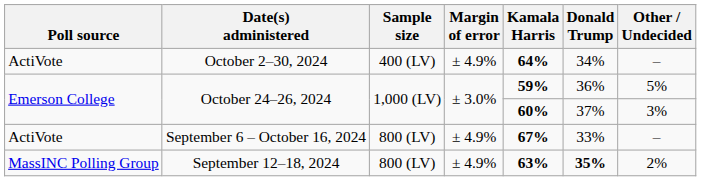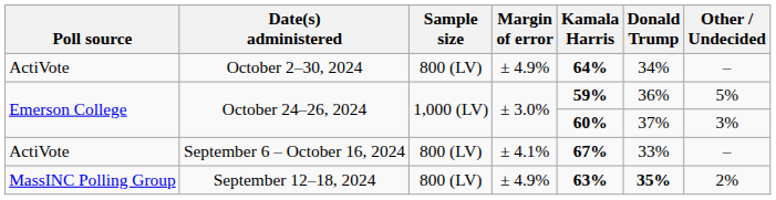 <table class="wikitable sortable mw-datatable" style="font-size:90%;text-align:center;line-height:17px">
 <tr valign=bottom>
 <th>Poll source</th>
 <th>Date(s)<br>administered</th>
 <th>Sample<br>size</th>
 <th>Margin<br>of error</th>
 <th class="unsortable">Kamala<br>Harris<br></th>
 <th class="unsortable">Donald<br>Trump<br></th>
 <th class="unsortable">Other /<br>Undecided</th>
 </tr>
 <tr>
 <td style="text-align:left;">ActiVote</td>
 <td data-sort-value="2024-10-16">October 2–30, 2024</td>
-<td>400 (LV)</td>
+<td>800 (LV)</td>
 <td>± 4.9%</td>
 <td style="color:black;background-color:"><strong>64%</strong></td>
 <td>34%</td>
 <td>–</td>
 </tr>
 <tr>
 <td style="text-align:left;" rowspan="2"><a href='#'>Emerson College</a></td>
 <td rowspan="2">October 24–26, 2024</td>
 <td rowspan="2">1,000 (LV)</td>
 <td rowspan="2">± 3.0%</td>
 <td style="color:black;background-color:"><strong>59%</strong></td>
 <td>36%</td>
 <td>5%</td>
 </tr>
 <tr>
 <td style="color:black;background-color:"><strong>60%</strong></td>
 <td>37%</td>
 <td>3%</td>
 </tr>
 <tr>
 <td style="text-align:left;">ActiVote</td>
 <td data-sort-value="2024-10-16">September 6 – October 16, 2024</td>
 <td>800 (LV)</td>
-<td>± 4.9%</td>
+<td>± 4.1%</td>
 <td style="color:black;background-color:"><strong>67%</strong></td>
 <td>33%</td>
 <td>–</td>
 </tr>
 <tr>
 <td style="text-align:left;"><a href='#'>MassINC Polling Group</a></td>
 <td data-sort-value="2024-09-18">September 12–18, 2024</td>
 <td>800 (LV)</td>
 <td>± 4.9%</td>
 <td style="color:black;background-color:"><strong>63%</strong></td>
 <td><strong>35%</strong></td>
 <td>2%</td>
 </tr>
 </table>
